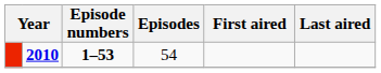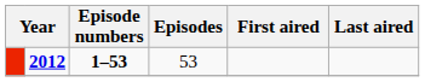 <table class="wikitable" style="text-align:center">
 <tr>
 <th style="padding:0 9px;" colspan="2">Year</th>
 <th style="padding:0 4px;">Episode<br>numbers</th>
 <th style="padding:0 4px;">Episodes</th>
 <th style="padding:0 8px;">First aired</th>
 <th style="padding:0 4px;">Last aired</th>
 </tr>
 <tr>
 <td style="background:#ec2400;padding:0 8px;  "></td>
-<td><strong><a href='#'>2010</a></strong></td>
+<td><strong><a href='#'>2012</a></strong></td>
 <td><strong>1–53</strong></td>
-<td>54</td>
+<td>53</td>
 <td></td>
 <td></td>
 </tr>
 <tr>
 </tr>
 </table>
